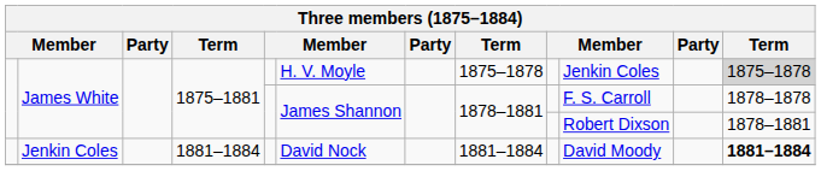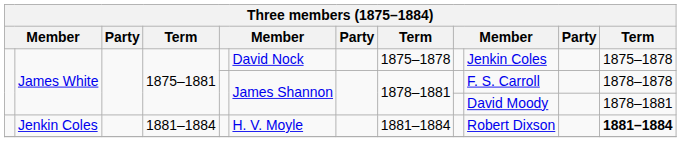 <table class="wikitable">
 <tr>
 <th colspan="12">Three members (1875–1884)</th>
 </tr>
 <tr>
 <th colspan="2">Member</th>
 <th>Party</th>
 <th>Term</th>
 <th colspan="2">Member</th>
 <th>Party</th>
 <th>Term</th>
 <th colspan="2">Member</th>
 <th>Party</th>
 <th>Term</th>
 </tr>
 <tr>
 <td rowspan="3" > </td>
 <td rowspan="3"><a href='#'>James White</a></td>
 <td rowspan="3"></td>
 <td rowspan="3">1875–1881</td>
 <td> </td>
-<td><a href='#'>H. V. Moyle</a></td>
+<td><a href='#'>David Nock</a></td>
 <td></td>
 <td>1875–1878</td>
 <td> </td>
 <td><a href='#'>Jenkin Coles</a></td>
 <td></td>
-<td style="background: lightgrey;">1875–1878</td>
+<td>1875–1878</td>
 </tr>
 <tr>
 <td rowspan="2" > </td>
 <td rowspan="2"><a href='#'>James Shannon</a></td>
 <td rowspan="2"></td>
 <td rowspan="2">1878–1881</td>
 <td> </td>
 <td><a href='#'>F. S. Carroll</a></td>
 <td></td>
 <td>1878–1878</td>
 </tr>
 <tr>
 <td> </td>
-<td><a href='#'>Robert Dixson</a></td>
+<td><a href='#'>David Moody</a></td>
 <td></td>
 <td>1878–1881</td>
 </tr>
 <tr>
 <td> </td>
 <td><a href='#'>Jenkin Coles</a></td>
 <td></td>
 <td>1881–1884</td>
 <td> </td>
-<td><a href='#'>David Nock</a></td>
+<td><a href='#'>H. V. Moyle</a></td>
 <td></td>
 <td>1881–1884</td>
 <td> </td>
-<td><a href='#'>David Moody</a></td>
+<td><a href='#'>Robert Dixson</a></td>
 <td></td>
 <td><strong>1881–1884</strong></td>
 </tr>
 <tr>
 </tr>
 </table>
